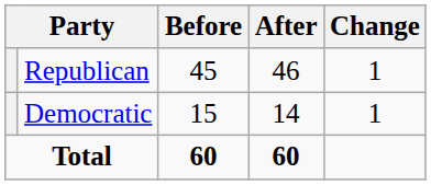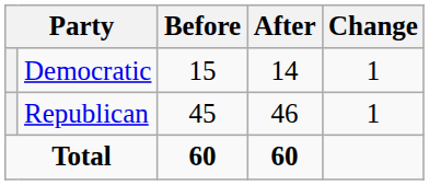 <table class="wikitable" style="text-align:center;">
 <tr>
 <th colspan="2">Party</th>
 <th>Before</th>
 <th>After</th>
 <th>Change</th>
 </tr>
 <tr>
 <th style="background-color:"></th>
-<td style="text-align:left;"><a href='#'>Republican</a></td>
-<td>45</td>
-<td>46</td>
+<td style="text-align:left;"><a href='#'>Democratic</a></td>
+<td>15</td>
+<td>14</td>
 <td> 1</td>
 </tr>
 <tr>
 <th style="background-color:"></th>
-<td style="text-align:left;"><a href='#'>Democratic</a></td>
-<td>15</td>
-<td>14</td>
+<td style="text-align:left;"><a href='#'>Republican</a></td>
+<td>45</td>
+<td>46</td>
 <td> 1</td>
 </tr>
 <tr>
 <td colspan="2"><strong>Total</strong></td>
 <td><strong>60</strong></td>
 <td><strong>60</strong></td>
 <td></td>
 </tr>
 </table>
